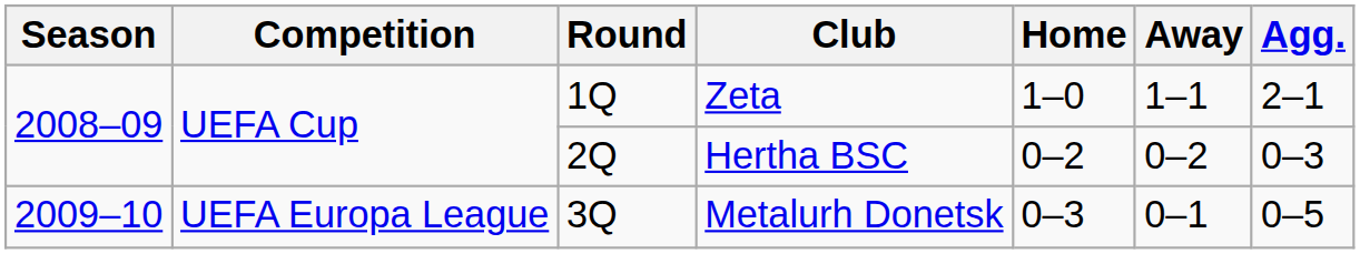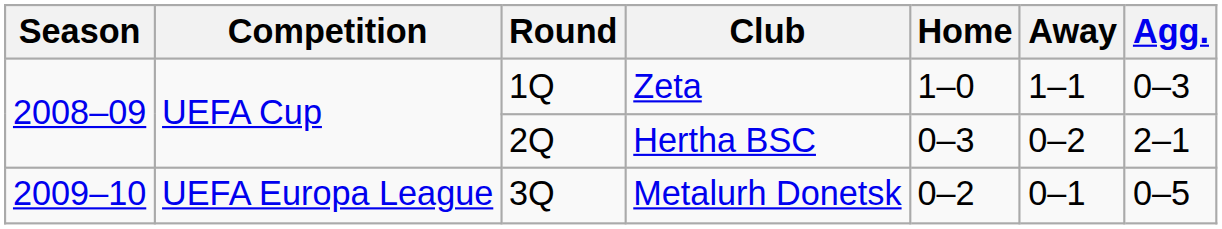 <table class="wikitable">
 <tr>
 <th>Season</th>
 <th>Competition</th>
 <th>Round</th>
 <th>Club</th>
 <th>Home</th>
 <th>Away</th>
 <th><a href='#'>Agg.</a></th>
 </tr>
 <tr>
 <td rowspan="2"><a href='#'>2008–09</a></td>
 <td rowspan="2"><a href='#'>UEFA Cup</a></td>
 <td>1Q</td>
 <td> <a href='#'>Zeta</a></td>
 <td>1–0</td>
 <td>1–1</td>
-<td>2–1</td>
+<td>0–3</td>
 </tr>
 <tr>
 <td>2Q</td>
 <td> <a href='#'>Hertha BSC</a></td>
+<td>0–3</td>
 <td>0–2</td>
-<td>0–2</td>
-<td>0–3</td>
+<td>2–1</td>
 </tr>
 <tr>
 <td><a href='#'>2009–10</a></td>
 <td><a href='#'>UEFA Europa League</a></td>
 <td>3Q</td>
 <td> <a href='#'>Metalurh Donetsk</a></td>
-<td>0–3</td>
+<td>0–2</td>
 <td>0–1</td>
 <td>0–5</td>
 </tr>
 </table>
